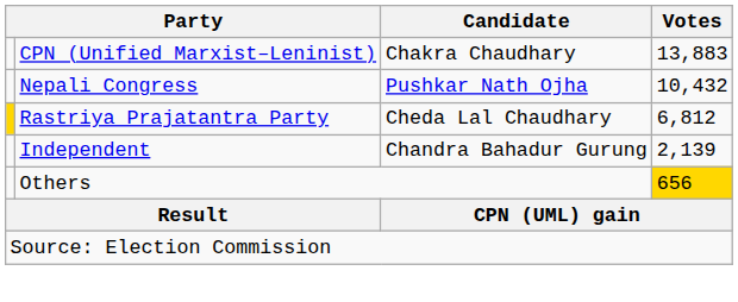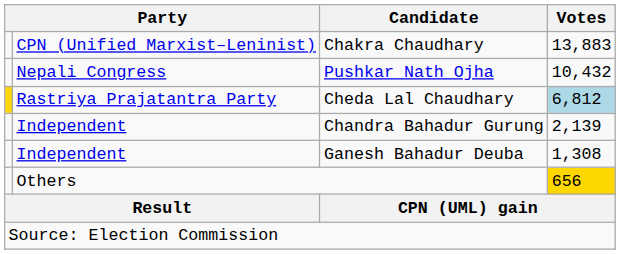 <table class="wikitable">
 <tr>
 <th colspan="2">Party</th>
 <th>Candidate</th>
 <th>Votes</th>
 </tr>
 <tr>
 <td style="background-color:"></td>
 <td><a href='#'>CPN (Unified Marxist–Leninist)</a></td>
 <td>Chakra Chaudhary</td>
 <td>13,883</td>
 </tr>
 <tr>
 <td style="background-color:"></td>
 <td><a href='#'>Nepali Congress</a></td>
 <td><a href='#'>Pushkar Nath Ojha</a></td>
 <td>10,432</td>
 </tr>
 <tr>
 <td style="background-color:gold"></td>
 <td><a href='#'>Rastriya Prajatantra Party</a></td>
 <td>Cheda Lal Chaudhary</td>
-<td>6,812</td>
+<td style="background: lightblue;">6,812</td>
 </tr>
 <tr>
 <td style="background-color:"></td>
 <td><a href='#'>Independent</a></td>
 <td>Chandra Bahadur Gurung</td>
 <td>2,139</td>
+</tr>
+<tr>
+<td style="background-color:"></td>
+<td><a href='#'>Independent</a></td>
+<td>Ganesh Bahadur Deuba</td>
+<td>1,308</td>
 </tr>
 <tr>
 <td></td>
 <td colspan="2">Others</td>
 <td style="background: gold;">656</td>
 </tr>
 <tr>
 <th colspan="2">Result</th>
 <th colspan="2">CPN (UML) gain</th>
 </tr>
 <tr>
 <td colspan="4">Source: Election Commission</td>
 </tr>
 </table>
